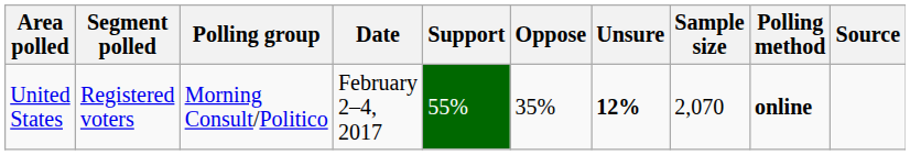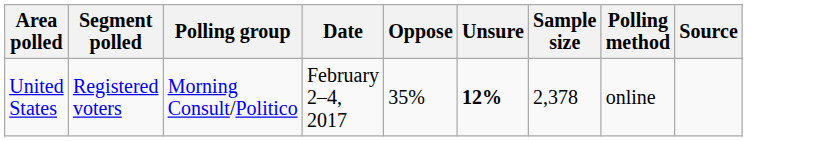 <table class="wikitable sortable" style="width: 75%;">
 <tr>
 <th>Area polled</th>
 <th>Segment polled</th>
 <th>Polling group</th>
 <th>Date</th>
-<th>Support</th>
 <th>Oppose</th>
 <th>Unsure</th>
 <th>Sample size</th>
 <th>Polling method</th>
 <th>Source</th>
 </tr>
 <tr>
 <td> <a href='#'>United States</a></td>
 <td><a href='#'>Registered voters</a></td>
 <td><a href='#'>Morning Consult</a>/<a href='#'>Politico</a></td>
 <td>February 2–4, 2017</td>
-<td style="background:#006800; color: white">55%</td>
 <td>35%</td>
 <td><strong>12%</strong></td>
-<td>2,070</td>
-<td><strong>online</strong></td>
+<td>2,378</td>
+<td>online</td>
 <td></td>
 </tr>
 </table>
